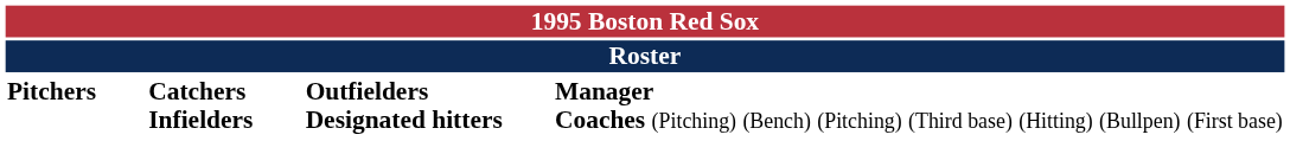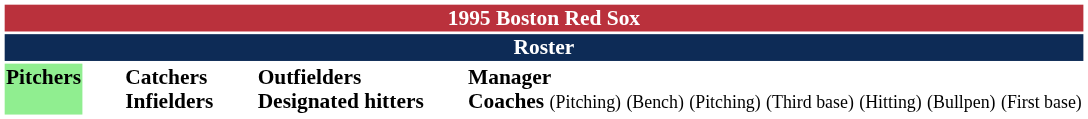 <table class="toccolours" style="text-align: left;">
 <tr>
 <th colspan="10" style="background-color: #ba313c; color: #FFFFFF; text-align: center;">1995 Boston Red Sox</th>
 </tr>
 <tr>
 <td colspan="10" style="background-color:#0d2b56; color: white; text-align: center;"><strong>Roster</strong></td>
 </tr>
 <tr>
-<td valign="top"><strong>Pitchers</strong><br>                         </td>
+<td valign="top" style="background: lightgreen;"><strong>Pitchers</strong><br>                         </td>
 <td width="25px"></td>
 <td valign="top"><strong>Catchers</strong><br>    <strong>Infielders</strong>         </td>
 <td width="25px"></td>
 <td valign="top"><strong>Outfielders</strong><br>           <strong>Designated hitters</strong>   </td>
 <td width="25px"></td>
 <td valign="top"><strong>Manager</strong><br>  <strong>Coaches</strong>  <small>(Pitching)</small>  <small>(Bench)</small>  <small>(Pitching)</small>  <small>(Third base)</small>  <small>(Hitting)</small>  <small>(Bullpen)</small>  <small>(First base)</small></td>
 </tr>
 <tr>
 </tr>
 </table>
